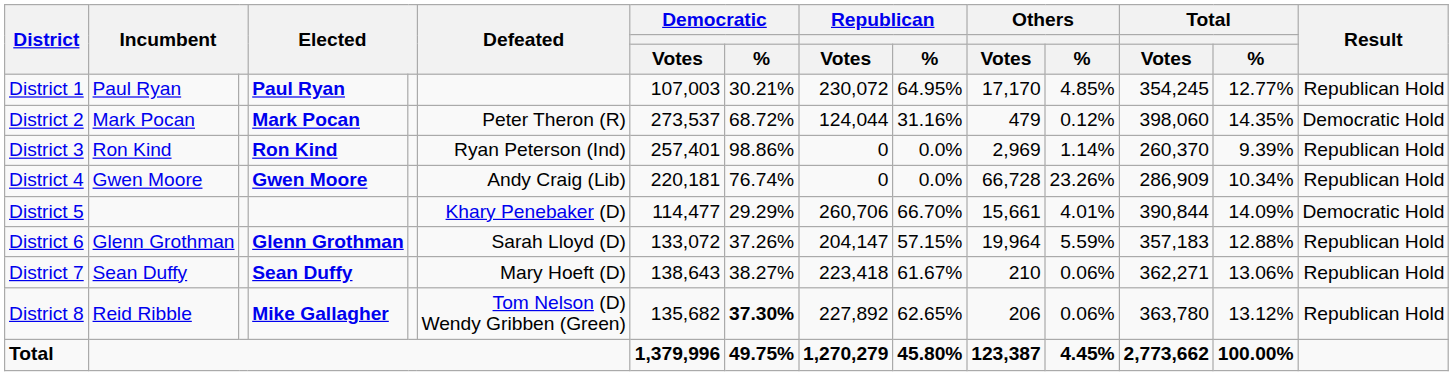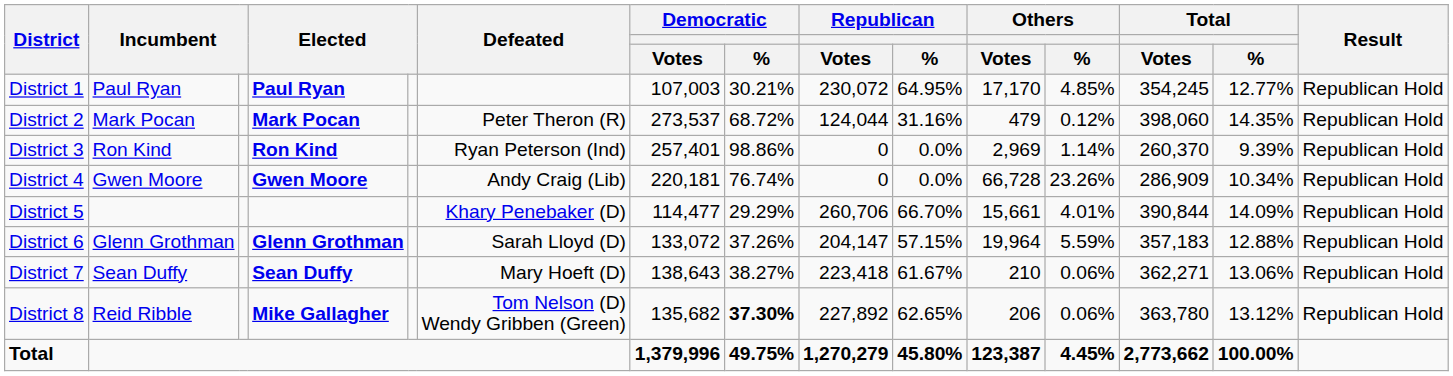 <table class="wikitable plainrowheaders sortable" style="font-size:100%; text-align:right;">
 <tr>
 <th scope=col rowspan=3><a href='#'>District</a></th>
 <th scope=col rowspan=3 colspan="2">Incumbent</th>
 <th scope=col rowspan=3 colspan="2">Elected</th>
 <th scope=col rowspan=3>Defeated</th>
 <th scope=col colspan=2><a href='#'>Democratic</a></th>
 <th scope=col colspan=2><a href='#'>Republican</a></th>
 <th scope=col colspan=2>Others</th>
 <th scope=col colspan=2>Total</th>
 <th scope=col rowspan=3>Result</th>
 </tr>
 <tr>
 <th scope=col colspan=2 style="background:"></th>
 <th scope=col colspan=2 style="background:"></th>
 <th scope=col colspan=2></th>
 <th scope=col colspan=2></th>
 </tr>
 <tr>
 <th scope=col data-sort-type="number">Votes</th>
 <th scope=col data-sort-type="number">%</th>
 <th scope=col data-sort-type="number">Votes</th>
 <th scope=col data-sort-type="number">%</th>
 <th scope=col data-sort-type="number">Votes</th>
 <th scope=col data-sort-type="number">%</th>
 <th scope=col data-sort-type="number">Votes</th>
 <th scope=col data-sort-type="number">%</th>
 </tr>
 <tr>
 <td align=left><a href='#'>District 1</a></td>
 <td align=left><a href='#'>Paul Ryan</a></td>
 <td></td>
 <td align=left><strong><a href='#'>Paul Ryan</a></strong></td>
 <td style="background:"></td>
 <td><br></td>
 <td>107,003</td>
 <td>30.21%</td>
 <td>230,072</td>
 <td>64.95%</td>
 <td>17,170</td>
 <td>4.85%</td>
 <td>354,245</td>
 <td>12.77%</td>
 <td>Republican Hold</td>
 </tr>
 <tr>
 <td align=left><a href='#'>District 2</a></td>
 <td align=left><a href='#'>Mark Pocan</a></td>
 <td></td>
 <td align=left><strong><a href='#'>Mark Pocan</a></strong></td>
 <td style="background:"></td>
 <td>Peter Theron (R)</td>
 <td>273,537</td>
 <td>68.72%</td>
 <td>124,044</td>
 <td>31.16%</td>
 <td>479</td>
 <td>0.12%</td>
 <td>398,060</td>
 <td>14.35%</td>
-<td>Democratic Hold</td>
+<td>Republican Hold</td>
 </tr>
 <tr>
 <td align=left><a href='#'>District 3</a></td>
 <td align=left><a href='#'>Ron Kind</a></td>
 <td></td>
 <td align=left><strong><a href='#'>Ron Kind</a></strong></td>
 <td style="background:"></td>
 <td>Ryan Peterson (Ind)</td>
 <td>257,401</td>
 <td>98.86%</td>
 <td>0</td>
 <td>0.0%</td>
 <td>2,969</td>
 <td>1.14%</td>
 <td>260,370</td>
 <td>9.39%</td>
 <td>Republican Hold</td>
 </tr>
 <tr>
 <td align=left><a href='#'>District 4</a></td>
 <td align=left><a href='#'>Gwen Moore</a></td>
 <td></td>
 <td align=left><strong><a href='#'>Gwen Moore</a></strong></td>
 <td style="background:"></td>
 <td>Andy Craig (Lib)<br></td>
 <td>220,181</td>
 <td>76.74%</td>
 <td>0</td>
 <td>0.0%</td>
 <td>66,728</td>
 <td>23.26%</td>
 <td>286,909</td>
 <td>10.34%</td>
 <td>Republican Hold</td>
 </tr>
 <tr>
 <td align=left><a href='#'>District 5</a></td>
 <td align=left></td>
 <td></td>
 <td align=left></td>
 <td style="background:"></td>
 <td><a href='#'>Khary Penebaker</a> (D)<br></td>
 <td>114,477</td>
 <td>29.29%</td>
 <td>260,706</td>
 <td>66.70%</td>
 <td>15,661</td>
 <td>4.01%</td>
 <td>390,844</td>
 <td>14.09%</td>
-<td>Democratic Hold</td>
+<td>Republican Hold</td>
 </tr>
 <tr>
 <td align=left><a href='#'>District 6</a></td>
 <td align=left><a href='#'>Glenn Grothman</a></td>
 <td></td>
 <td align=left><strong><a href='#'>Glenn Grothman</a></strong></td>
 <td style="background:"></td>
 <td>Sarah Lloyd (D)<br></td>
 <td>133,072</td>
 <td>37.26%</td>
 <td>204,147</td>
 <td>57.15%</td>
 <td>19,964</td>
 <td>5.59%</td>
 <td>357,183</td>
 <td>12.88%</td>
 <td>Republican Hold</td>
 </tr>
 <tr>
 <td align=left><a href='#'>District 7</a></td>
 <td align=left><a href='#'>Sean Duffy</a></td>
 <td></td>
 <td align=left><strong><a href='#'>Sean Duffy</a></strong></td>
 <td style="background:"></td>
 <td>Mary Hoeft (D)</td>
 <td>138,643</td>
 <td>38.27%</td>
 <td>223,418</td>
 <td>61.67%</td>
 <td>210</td>
 <td>0.06%</td>
 <td>362,271</td>
 <td>13.06%</td>
 <td>Republican Hold</td>
 </tr>
 <tr>
 <td align=left><a href='#'>District 8</a></td>
 <td align=left><a href='#'>Reid Ribble</a></td>
 <td></td>
 <td align=left><strong><a href='#'>Mike Gallagher</a></strong></td>
 <td style="background:"></td>
 <td><a href='#'>Tom Nelson</a> (D)<br>Wendy Gribben (Green)</td>
 <td>135,682</td>
 <td><strong>37.30%</strong></td>
 <td>227,892</td>
 <td>62.65%</td>
 <td>206</td>
 <td>0.06%</td>
 <td>363,780</td>
 <td>13.12%</td>
 <td>Republican Hold</td>
 </tr>
 <tr class="sortbottom" style="font-weight:bold">
 <td align=left>Total</td>
 <td colspan="5"></td>
 <td>1,379,996</td>
 <td>49.75%</td>
 <td>1,270,279</td>
 <td>45.80%</td>
 <td>123,387</td>
 <td>4.45%</td>
 <td>2,773,662</td>
 <td>100.00%</td>
 <td></td>
 </tr>
 </table>
